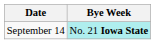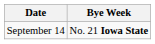 <table class="wikitable" style="font-size:95%;">
 <tr>
 <th>Date</th>
 <th colspan="1">Bye Week</th>
 </tr>
 <tr>
 <td>September 14</td>
-<td style="background: paleturquoise;">No. 21 <strong>Iowa State</strong></td>
+<td>No. 21 <strong>Iowa State</strong></td>
 </tr>
 </table>
